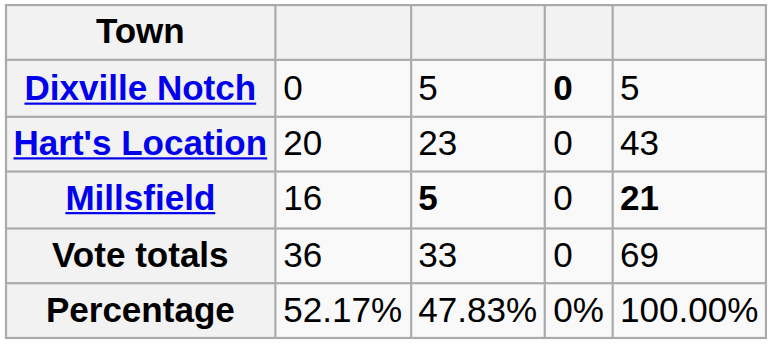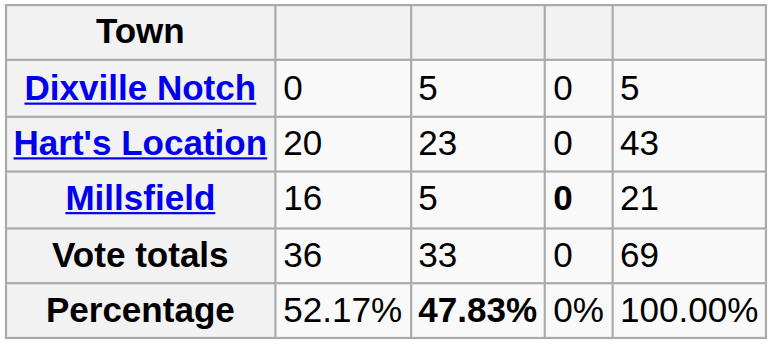 <table class="wikitable sortable" style=margin:auto;margin:auto>
 <tr valign=bottom>
 <th>Town</th>
 <th></th>
 <th></th>
 <th></th>
 <th></th>
 </tr>
 <tr>
 <th><a href='#'>Dixville Notch</a></th>
 <td>0</td>
 <td>5</td>
-<td><strong>0</strong></td>
+<td>0</td>
 <td>5</td>
 </tr>
 <tr>
 <th><a href='#'>Hart's Location</a></th>
 <td>20</td>
 <td>23</td>
 <td>0</td>
 <td>43</td>
 </tr>
 <tr>
 <th><a href='#'>Millsfield</a></th>
 <td>16</td>
-<td><strong>5</strong></td>
-<td>0</td>
-<td><strong>21</strong></td>
+<td>5</td>
+<td><strong>0</strong></td>
+<td>21</td>
 </tr>
 <tr>
 <th>Vote totals</th>
 <td>36</td>
 <td>33</td>
 <td>0</td>
 <td>69</td>
 </tr>
 <tr>
 <th>Percentage</th>
 <td>52.17%</td>
-<td>47.83%</td>
+<td><strong>47.83%</strong></td>
 <td>0%</td>
 <td>100.00%</td>
 </tr>
 </table>
